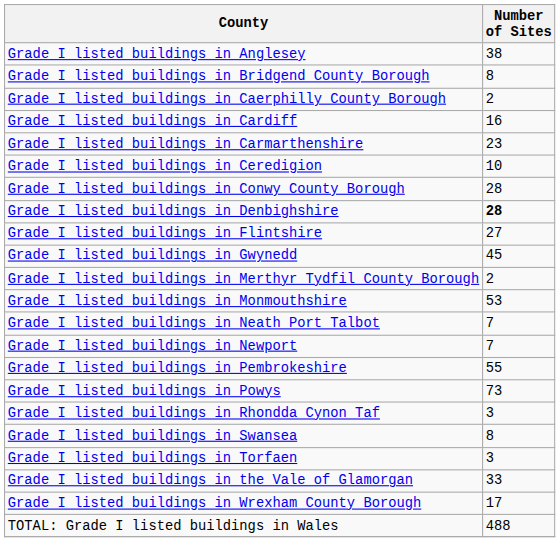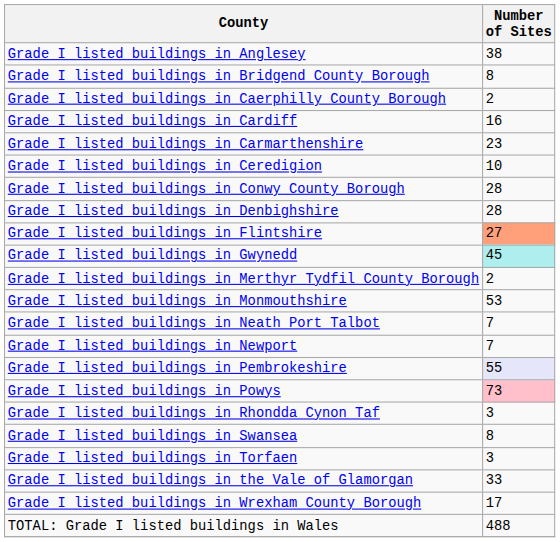 <table class="wikitable sortable">
 <tr>
 <th><strong>County</strong></th>
 <th><strong>Number<br> of Sites</strong></th>
 </tr>
 <tr ->
 <td><a href='#'>Grade I listed buildings in Anglesey</a></td>
 <td>38</td>
 </tr>
 <tr ->
 <td><a href='#'>Grade I listed buildings in Bridgend County Borough</a></td>
 <td>8</td>
 </tr>
 <tr ->
 <td><a href='#'>Grade I listed buildings in Caerphilly County Borough</a></td>
 <td>2</td>
 </tr>
 <tr ->
 <td><a href='#'>Grade I listed buildings in Cardiff</a></td>
 <td>16</td>
 </tr>
 <tr ->
 <td><a href='#'>Grade I listed buildings in Carmarthenshire</a></td>
 <td>23</td>
 </tr>
 <tr ->
 <td><a href='#'>Grade I listed buildings in Ceredigion</a></td>
 <td>10</td>
 </tr>
 <tr ->
 <td><a href='#'>Grade I listed buildings in Conwy County Borough</a></td>
 <td>28</td>
 </tr>
 <tr ->
 <td><a href='#'>Grade I listed buildings in Denbighshire</a></td>
-<td><strong>28</strong></td>
+<td>28</td>
 </tr>
 <tr ->
 <td><a href='#'>Grade I listed buildings in Flintshire</a></td>
-<td>27</td>
+<td style="background: lightsalmon;">27</td>
 </tr>
 <tr ->
 <td><a href='#'>Grade I listed buildings in Gwynedd</a></td>
-<td>45</td>
+<td style="background: paleturquoise;">45</td>
 </tr>
 <tr ->
 <td><a href='#'>Grade I listed buildings in Merthyr Tydfil County Borough</a></td>
 <td>2</td>
 </tr>
 <tr ->
 <td><a href='#'>Grade I listed buildings in Monmouthshire</a></td>
 <td>53</td>
 </tr>
 <tr ->
 <td><a href='#'>Grade I listed buildings in Neath Port Talbot</a></td>
 <td>7</td>
 </tr>
 <tr ->
 <td><a href='#'>Grade I listed buildings in Newport</a></td>
 <td>7</td>
 </tr>
 <tr ->
 <td><a href='#'>Grade I listed buildings in Pembrokeshire</a></td>
-<td>55</td>
+<td style="background: lavender;">55</td>
 </tr>
 <tr ->
 <td><a href='#'>Grade I listed buildings in Powys</a></td>
-<td>73</td>
+<td style="background: pink;">73</td>
 </tr>
 <tr ->
 <td><a href='#'>Grade I listed buildings in Rhondda Cynon Taf</a></td>
 <td>3</td>
 </tr>
 <tr ->
 <td><a href='#'>Grade I listed buildings in Swansea</a></td>
 <td>8</td>
 </tr>
 <tr ->
 <td><a href='#'>Grade I listed buildings in Torfaen</a></td>
 <td>3</td>
 </tr>
 <tr ->
 <td><a href='#'>Grade I listed buildings in the Vale of Glamorgan</a></td>
 <td>33</td>
 </tr>
 <tr ->
 <td><a href='#'>Grade I listed buildings in Wrexham County Borough</a></td>
 <td>17</td>
 </tr>
 <tr -class=sortbottom>
 <td>TOTAL: Grade I listed buildings in Wales</td>
 <td>488</td>
 </tr>
 <tr ->
 </tr>
 </table>
